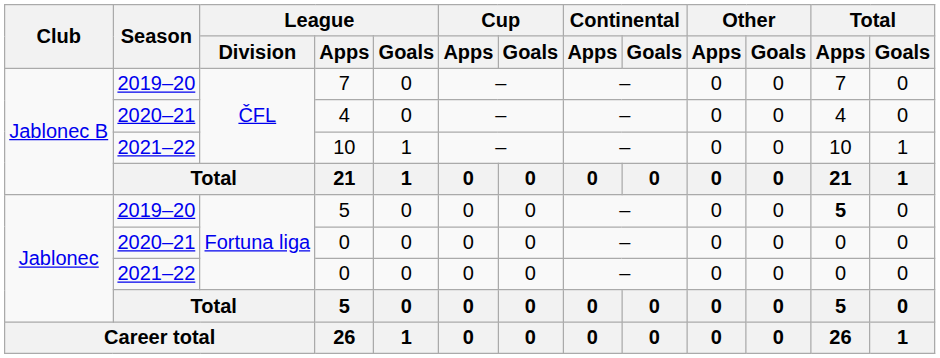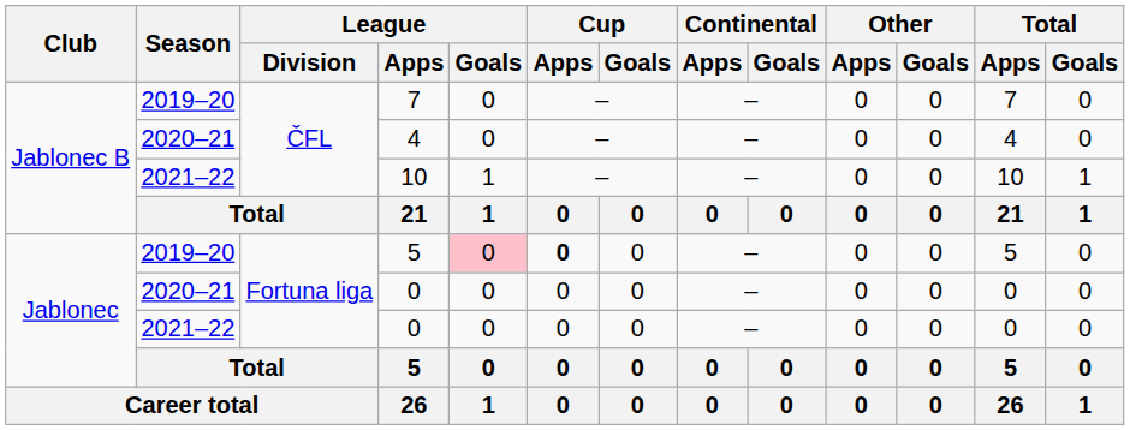 <table class="wikitable" style="text-align: center">
 <tr>
 <th rowspan="2">Club</th>
 <th rowspan="2">Season</th>
 <th colspan="3">League</th>
 <th colspan="2">Cup</th>
 <th colspan="2">Continental</th>
 <th colspan="2">Other</th>
 <th colspan="2">Total</th>
 </tr>
 <tr>
 <th>Division</th>
 <th>Apps</th>
 <th>Goals</th>
 <th>Apps</th>
 <th>Goals</th>
 <th>Apps</th>
 <th>Goals</th>
 <th>Apps</th>
 <th>Goals</th>
 <th>Apps</th>
 <th>Goals</th>
 </tr>
 <tr>
 <td rowspan="4"><a href='#'>Jablonec B</a></td>
 <td><a href='#'>2019–20</a></td>
 <td rowspan="3"><a href='#'>ČFL</a></td>
 <td>7</td>
 <td>0</td>
 <td colspan="2">–</td>
 <td colspan="2">–</td>
 <td>0</td>
 <td>0</td>
 <td>7</td>
 <td>0</td>
 </tr>
 <tr>
 <td><a href='#'>2020–21</a></td>
 <td>4</td>
 <td>0</td>
 <td colspan="2">–</td>
 <td colspan="2">–</td>
 <td>0</td>
 <td>0</td>
 <td>4</td>
 <td>0</td>
 </tr>
 <tr>
 <td><a href='#'>2021–22</a></td>
 <td>10</td>
 <td>1</td>
 <td colspan="2">–</td>
 <td colspan="2">–</td>
 <td>0</td>
 <td>0</td>
 <td>10</td>
 <td>1</td>
 </tr>
 <tr>
 <th colspan="2"><strong>Total</strong></th>
 <th>21</th>
 <th>1</th>
 <th>0</th>
 <th>0</th>
 <th>0</th>
 <th>0</th>
 <th>0</th>
 <th>0</th>
 <th>21</th>
 <th>1</th>
 </tr>
 <tr>
 <td rowspan="4"><a href='#'>Jablonec</a></td>
 <td><a href='#'>2019–20</a></td>
 <td rowspan="3"><a href='#'>Fortuna liga</a></td>
 <td>5</td>
-<td>0</td>
-<td>0</td>
+<td style="background: pink;">0</td>
+<td><strong>0</strong></td>
 <td>0</td>
 <td colspan="2">–</td>
 <td>0</td>
 <td>0</td>
-<td><strong>5</strong></td>
+<td>5</td>
 <td>0</td>
 </tr>
 <tr>
 <td><a href='#'>2020–21</a></td>
 <td>0</td>
 <td>0</td>
 <td>0</td>
 <td>0</td>
 <td colspan="2">–</td>
 <td>0</td>
 <td>0</td>
 <td>0</td>
 <td>0</td>
 </tr>
 <tr>
 <td><a href='#'>2021–22</a></td>
 <td>0</td>
 <td>0</td>
 <td>0</td>
 <td>0</td>
 <td colspan="2">–</td>
 <td>0</td>
 <td>0</td>
 <td>0</td>
 <td>0</td>
 </tr>
 <tr>
 <th colspan="2"><strong>Total</strong></th>
 <th>5</th>
 <th>0</th>
 <th>0</th>
 <th>0</th>
 <th>0</th>
 <th>0</th>
 <th>0</th>
 <th>0</th>
 <th>5</th>
 <th>0</th>
 </tr>
 <tr>
 <th colspan="3"><strong>Career total</strong></th>
 <th>26</th>
 <th>1</th>
 <th>0</th>
 <th>0</th>
 <th>0</th>
 <th>0</th>
 <th>0</th>
 <th>0</th>
 <th>26</th>
 <th>1</th>
 </tr>
 </table>
